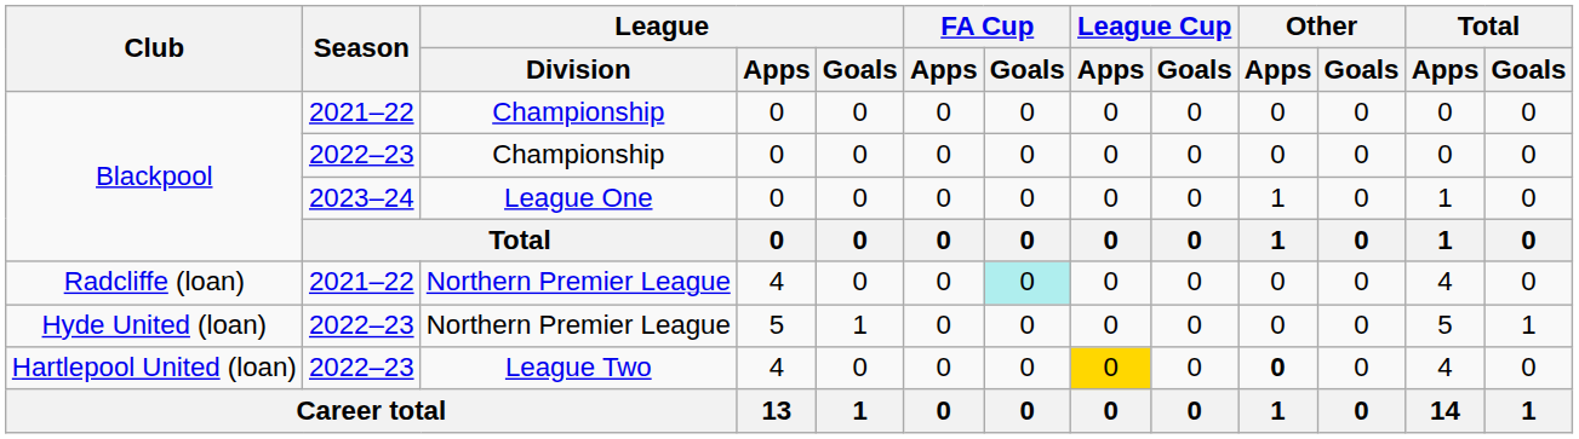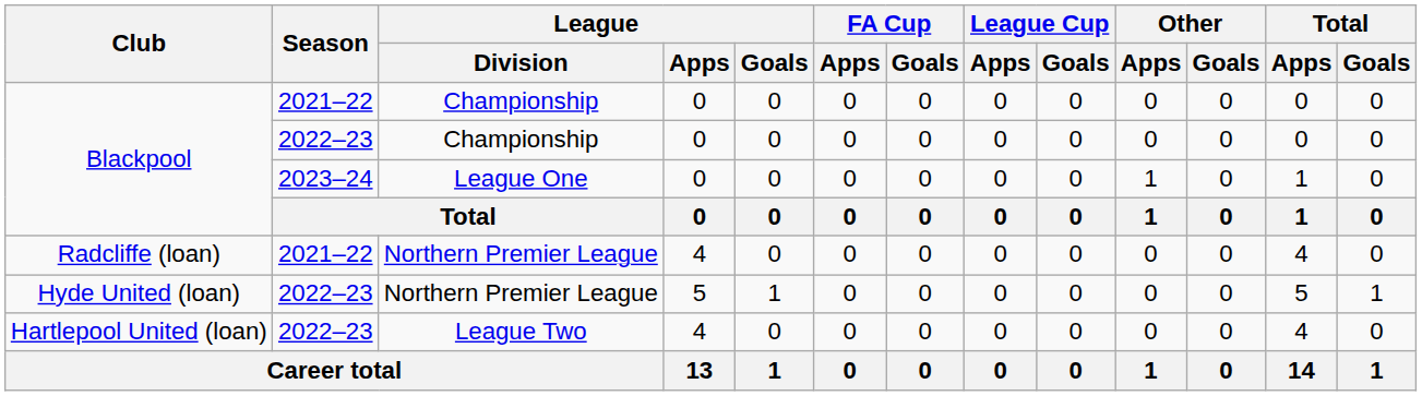 <table class="wikitable" style="text-align:center">
 <tr>
 <th rowspan="2">Club</th>
 <th rowspan="2">Season</th>
 <th colspan="3">League</th>
 <th colspan="2"><a href='#'>FA Cup</a></th>
 <th colspan="2"><a href='#'>League Cup</a></th>
 <th colspan="2">Other</th>
 <th colspan="2">Total</th>
 </tr>
 <tr>
 <th>Division</th>
 <th>Apps</th>
 <th>Goals</th>
 <th>Apps</th>
 <th>Goals</th>
 <th>Apps</th>
 <th>Goals</th>
 <th>Apps</th>
 <th>Goals</th>
 <th>Apps</th>
 <th>Goals</th>
 </tr>
 <tr>
 <td rowspan="4"><a href='#'>Blackpool</a></td>
 <td><a href='#'>2021–22</a></td>
 <td><a href='#'>Championship</a></td>
 <td>0</td>
 <td>0</td>
 <td>0</td>
 <td>0</td>
 <td>0</td>
 <td>0</td>
 <td>0</td>
 <td>0</td>
 <td>0</td>
 <td>0</td>
 </tr>
 <tr>
 <td><a href='#'>2022–23</a></td>
 <td>Championship</td>
 <td>0</td>
 <td>0</td>
 <td>0</td>
 <td>0</td>
 <td>0</td>
 <td>0</td>
 <td>0</td>
 <td>0</td>
 <td>0</td>
 <td>0</td>
 </tr>
 <tr>
 <td><a href='#'>2023–24</a></td>
 <td><a href='#'>League One</a></td>
 <td>0</td>
 <td>0</td>
 <td>0</td>
 <td>0</td>
 <td>0</td>
 <td>0</td>
 <td>1</td>
 <td>0</td>
 <td>1</td>
 <td>0</td>
 </tr>
 <tr>
 <th colspan="2">Total</th>
 <th>0</th>
 <th>0</th>
 <th>0</th>
 <th>0</th>
 <th>0</th>
 <th>0</th>
 <th>1</th>
 <th>0</th>
 <th>1</th>
 <th>0</th>
 </tr>
 <tr>
 <td><a href='#'>Radcliffe</a> (loan)</td>
 <td><a href='#'>2021–22</a></td>
 <td><a href='#'>Northern Premier League</a></td>
 <td>4</td>
 <td>0</td>
 <td>0</td>
-<td style="background: paleturquoise;">0</td>
+<td>0</td>
 <td>0</td>
 <td>0</td>
 <td>0</td>
 <td>0</td>
 <td>4</td>
 <td>0</td>
 </tr>
 <tr>
 <td><a href='#'>Hyde United</a> (loan)</td>
 <td><a href='#'>2022–23</a></td>
 <td>Northern Premier League</td>
 <td>5</td>
 <td>1</td>
 <td>0</td>
 <td>0</td>
 <td>0</td>
 <td>0</td>
 <td>0</td>
 <td>0</td>
 <td>5</td>
 <td>1</td>
 </tr>
 <tr>
 <td><a href='#'>Hartlepool United</a> (loan)</td>
 <td><a href='#'>2022–23</a></td>
 <td><a href='#'>League Two</a></td>
 <td>4</td>
 <td>0</td>
 <td>0</td>
 <td>0</td>
-<td style="background: gold;">0</td>
 <td>0</td>
-<td><strong>0</strong></td>
+<td>0</td>
+<td>0</td>
 <td>0</td>
 <td>4</td>
 <td>0</td>
 </tr>
 <tr>
 <th colspan=3>Career total</th>
 <th>13</th>
 <th>1</th>
 <th>0</th>
 <th>0</th>
 <th>0</th>
 <th>0</th>
 <th>1</th>
 <th>0</th>
 <th>14</th>
 <th>1</th>
 </tr>
 </table>
